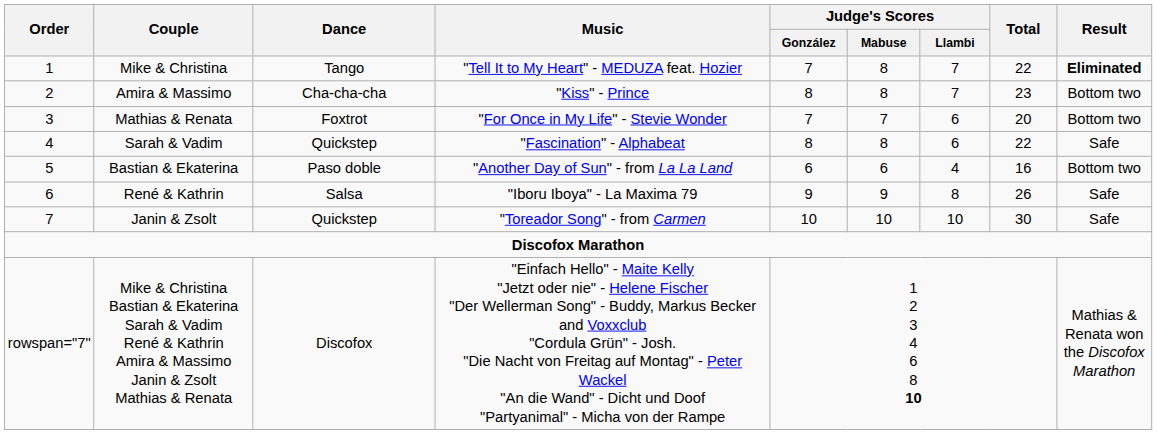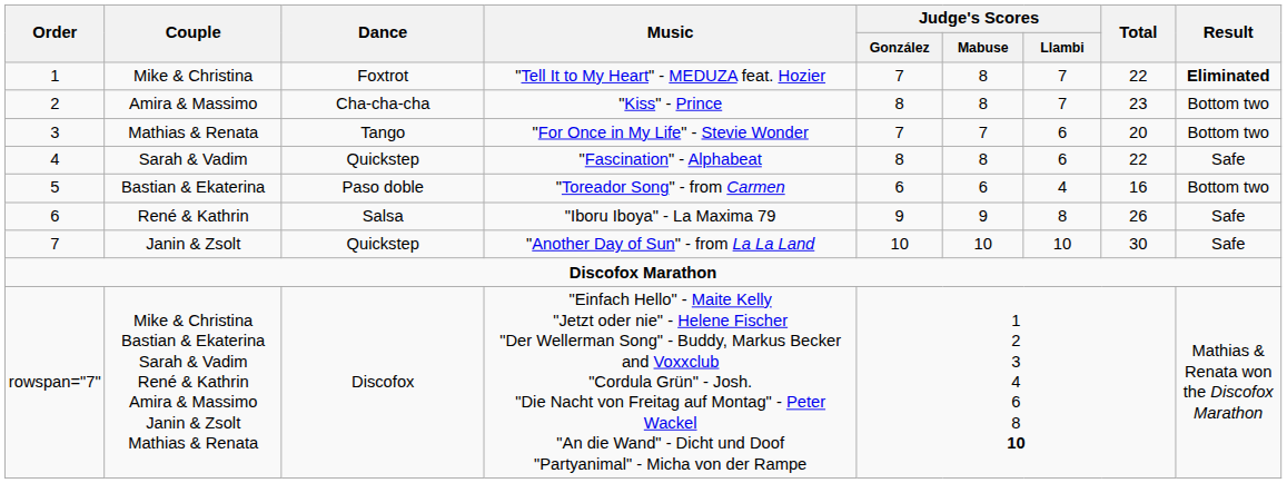 <table class="wikitable center sortable" style="text-align:center; font-size:100%; line-height:20px;">
 <tr>
 <th rowspan="2" style="width: 4em">Order</th>
 <th rowspan="2" style="width: 17em">Couple</th>
 <th rowspan="2" style="width: 20em">Dance</th>
 <th rowspan="2" style="width: 40em">Music</th>
 <th colspan="3">Judge's Scores</th>
 <th rowspan="2" style="width: 6em">Total</th>
 <th rowspan="2" style="width: 7em">Result</th>
 </tr>
 <tr>
 <th style="width: 6em"><small>González</small></th>
 <th style="width: 6em"><small>Mabuse</small></th>
 <th style="width: 6em"><small>Llambi</small></th>
 </tr>
 <tr>
 <td>1</td>
 <td>Mike & Christina</td>
-<td>Tango</td>
+<td>Foxtrot</td>
 <td>"<a href='#'>Tell It to My Heart</a>" - <a href='#'>MEDUZA</a> feat. <a href='#'>Hozier</a></td>
 <td>7</td>
 <td>8</td>
 <td>7</td>
 <td>22</td>
 <td><strong>Eliminated</strong></td>
 </tr>
 <tr>
 <td>2</td>
 <td>Amira & Massimo</td>
 <td>Cha-cha-cha</td>
 <td>"<a href='#'>Kiss</a>" - <a href='#'>Prince</a></td>
 <td>8</td>
 <td>8</td>
 <td>7</td>
 <td>23</td>
 <td>Bottom two</td>
 </tr>
 <tr>
 <td>3</td>
 <td>Mathias & Renata</td>
-<td>Foxtrot</td>
+<td>Tango</td>
 <td>"<a href='#'>For Once in My Life</a>" - <a href='#'>Stevie Wonder</a></td>
 <td>7</td>
 <td>7</td>
 <td>6</td>
 <td>20</td>
 <td>Bottom two</td>
 </tr>
 <tr>
 <td>4</td>
 <td>Sarah & Vadim</td>
 <td>Quickstep</td>
 <td>"<a href='#'>Fascination</a>" - <a href='#'>Alphabeat</a></td>
 <td>8</td>
 <td>8</td>
 <td>6</td>
 <td>22</td>
 <td>Safe</td>
 </tr>
 <tr>
 <td>5</td>
 <td>Bastian & Ekaterina</td>
 <td>Paso doble</td>
-<td>"<a href='#'>Another Day of Sun</a>" - from <em><a href='#'>La La Land</a></em></td>
+<td>"<a href='#'>Toreador Song</a>" - from <em><a href='#'>Carmen</a></em></td>
 <td>6</td>
 <td>6</td>
 <td>4</td>
 <td>16</td>
 <td>Bottom two</td>
 </tr>
 <tr>
 <td>6</td>
 <td>René & Kathrin</td>
 <td>Salsa</td>
 <td>"Iboru Iboya" - La Maxima 79</td>
 <td>9</td>
 <td>9</td>
 <td>8</td>
 <td>26</td>
 <td>Safe</td>
 </tr>
 <tr>
 <td>7</td>
 <td>Janin & Zsolt</td>
 <td>Quickstep</td>
-<td>"<a href='#'>Toreador Song</a>" - from <em><a href='#'>Carmen</a></em></td>
+<td>"<a href='#'>Another Day of Sun</a>" - from <em><a href='#'>La La Land</a></em></td>
 <td>10</td>
 <td>10</td>
 <td>10</td>
 <td>30</td>
 <td>Safe</td>
 </tr>
 <tr>
 <td colspan="10"><strong>Discofox Marathon</strong></td>
 </tr>
 <tr>
 <td>rowspan="7" </td>
 <td>Mike & Christina<br>Bastian & Ekaterina<br>Sarah & Vadim<br>René & Kathrin<br>Amira & Massimo<br>Janin & Zsolt<br>Mathias & Renata</td>
 <td>Discofox</td>
 <td>"Einfach Hello" - <a href='#'>Maite Kelly</a><br>"Jetzt oder nie" - <a href='#'>Helene Fischer</a><br>"Der Wellerman Song" - Buddy, Markus Becker and <a href='#'>Voxxclub</a><br>"Cordula Grün" - Josh.<br>"Die Nacht von Freitag auf Montag" - <a href='#'>Peter Wackel</a><br>"An die Wand" - Dicht und Doof<br>"Partyanimal" - Micha von der Rampe</td>
 <td colspan="4">1<br>2<br>3<br>4<br>6<br>8<br><strong>10</strong></td>
 <td>Mathias & Renata won the <em>Discofox Marathon</em></td>
 </tr>
 </table>
